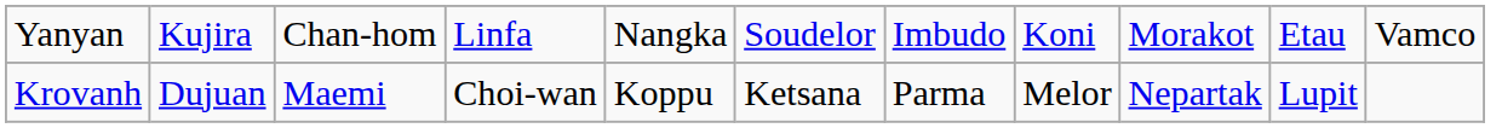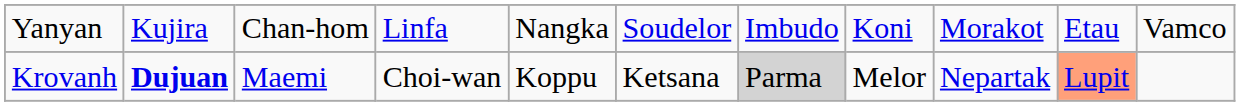 <table class="wikitable">
 <tr>
 <td>Yanyan</td>
 <td><a href='#'>Kujira</a></td>
 <td>Chan-hom</td>
 <td><a href='#'>Linfa</a></td>
 <td>Nangka</td>
 <td><a href='#'>Soudelor</a></td>
 <td><a href='#'>Imbudo</a></td>
 <td><a href='#'>Koni</a></td>
 <td><a href='#'>Morakot</a></td>
 <td><a href='#'>Etau</a></td>
 <td>Vamco</td>
 </tr>
 <tr>
 <td><a href='#'>Krovanh</a></td>
-<td><a href='#'>Dujuan</a></td>
+<td><strong><a href='#'>Dujuan</a></strong></td>
 <td><a href='#'>Maemi</a></td>
 <td>Choi-wan</td>
 <td>Koppu</td>
 <td>Ketsana</td>
-<td>Parma</td>
+<td style="background: lightgrey;">Parma</td>
 <td>Melor</td>
 <td><a href='#'>Nepartak</a></td>
-<td><a href='#'>Lupit</a></td>
+<td style="background: lightsalmon;"><a href='#'>Lupit</a></td>
 </tr>
 </table>
